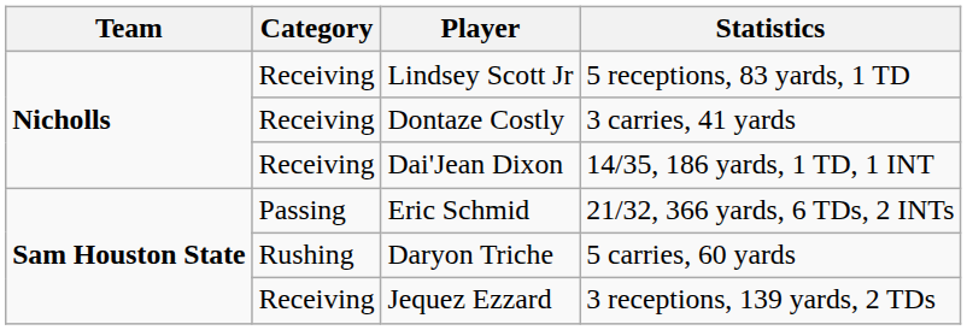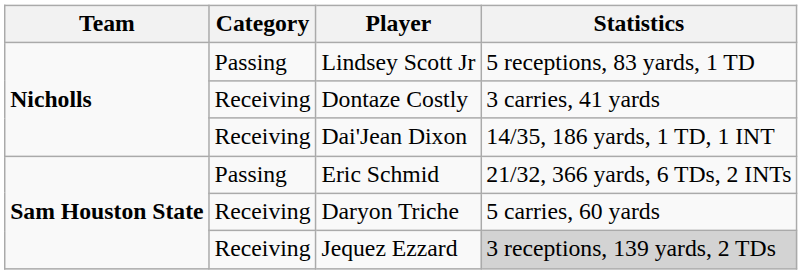 <table class="wikitable" style="float: left;">
 <tr>
 <th>Team</th>
 <th>Category</th>
 <th>Player</th>
 <th>Statistics</th>
 </tr>
 <tr>
 <td rowspan=3><strong>Nicholls</strong></td>
-<td>Receiving</td>
+<td>Passing</td>
 <td>Lindsey Scott Jr</td>
 <td>5 receptions, 83 yards, 1 TD</td>
 </tr>
 <tr>
 <td>Receiving</td>
 <td>Dontaze Costly</td>
 <td>3 carries, 41 yards</td>
 </tr>
 <tr>
 <td>Receiving</td>
 <td>Dai'Jean Dixon</td>
 <td>14/35, 186 yards, 1 TD, 1 INT</td>
 </tr>
 <tr>
 <td rowspan=3><strong>Sam Houston State</strong></td>
 <td>Passing</td>
 <td>Eric Schmid</td>
 <td>21/32, 366 yards, 6 TDs, 2 INTs</td>
 </tr>
 <tr>
-<td>Rushing</td>
+<td>Receiving</td>
 <td>Daryon Triche</td>
 <td>5 carries, 60 yards</td>
 </tr>
 <tr>
 <td>Receiving</td>
 <td>Jequez Ezzard</td>
-<td>3 receptions, 139 yards, 2 TDs</td>
+<td style="background: lightgrey;">3 receptions, 139 yards, 2 TDs</td>
 </tr>
 </table>
